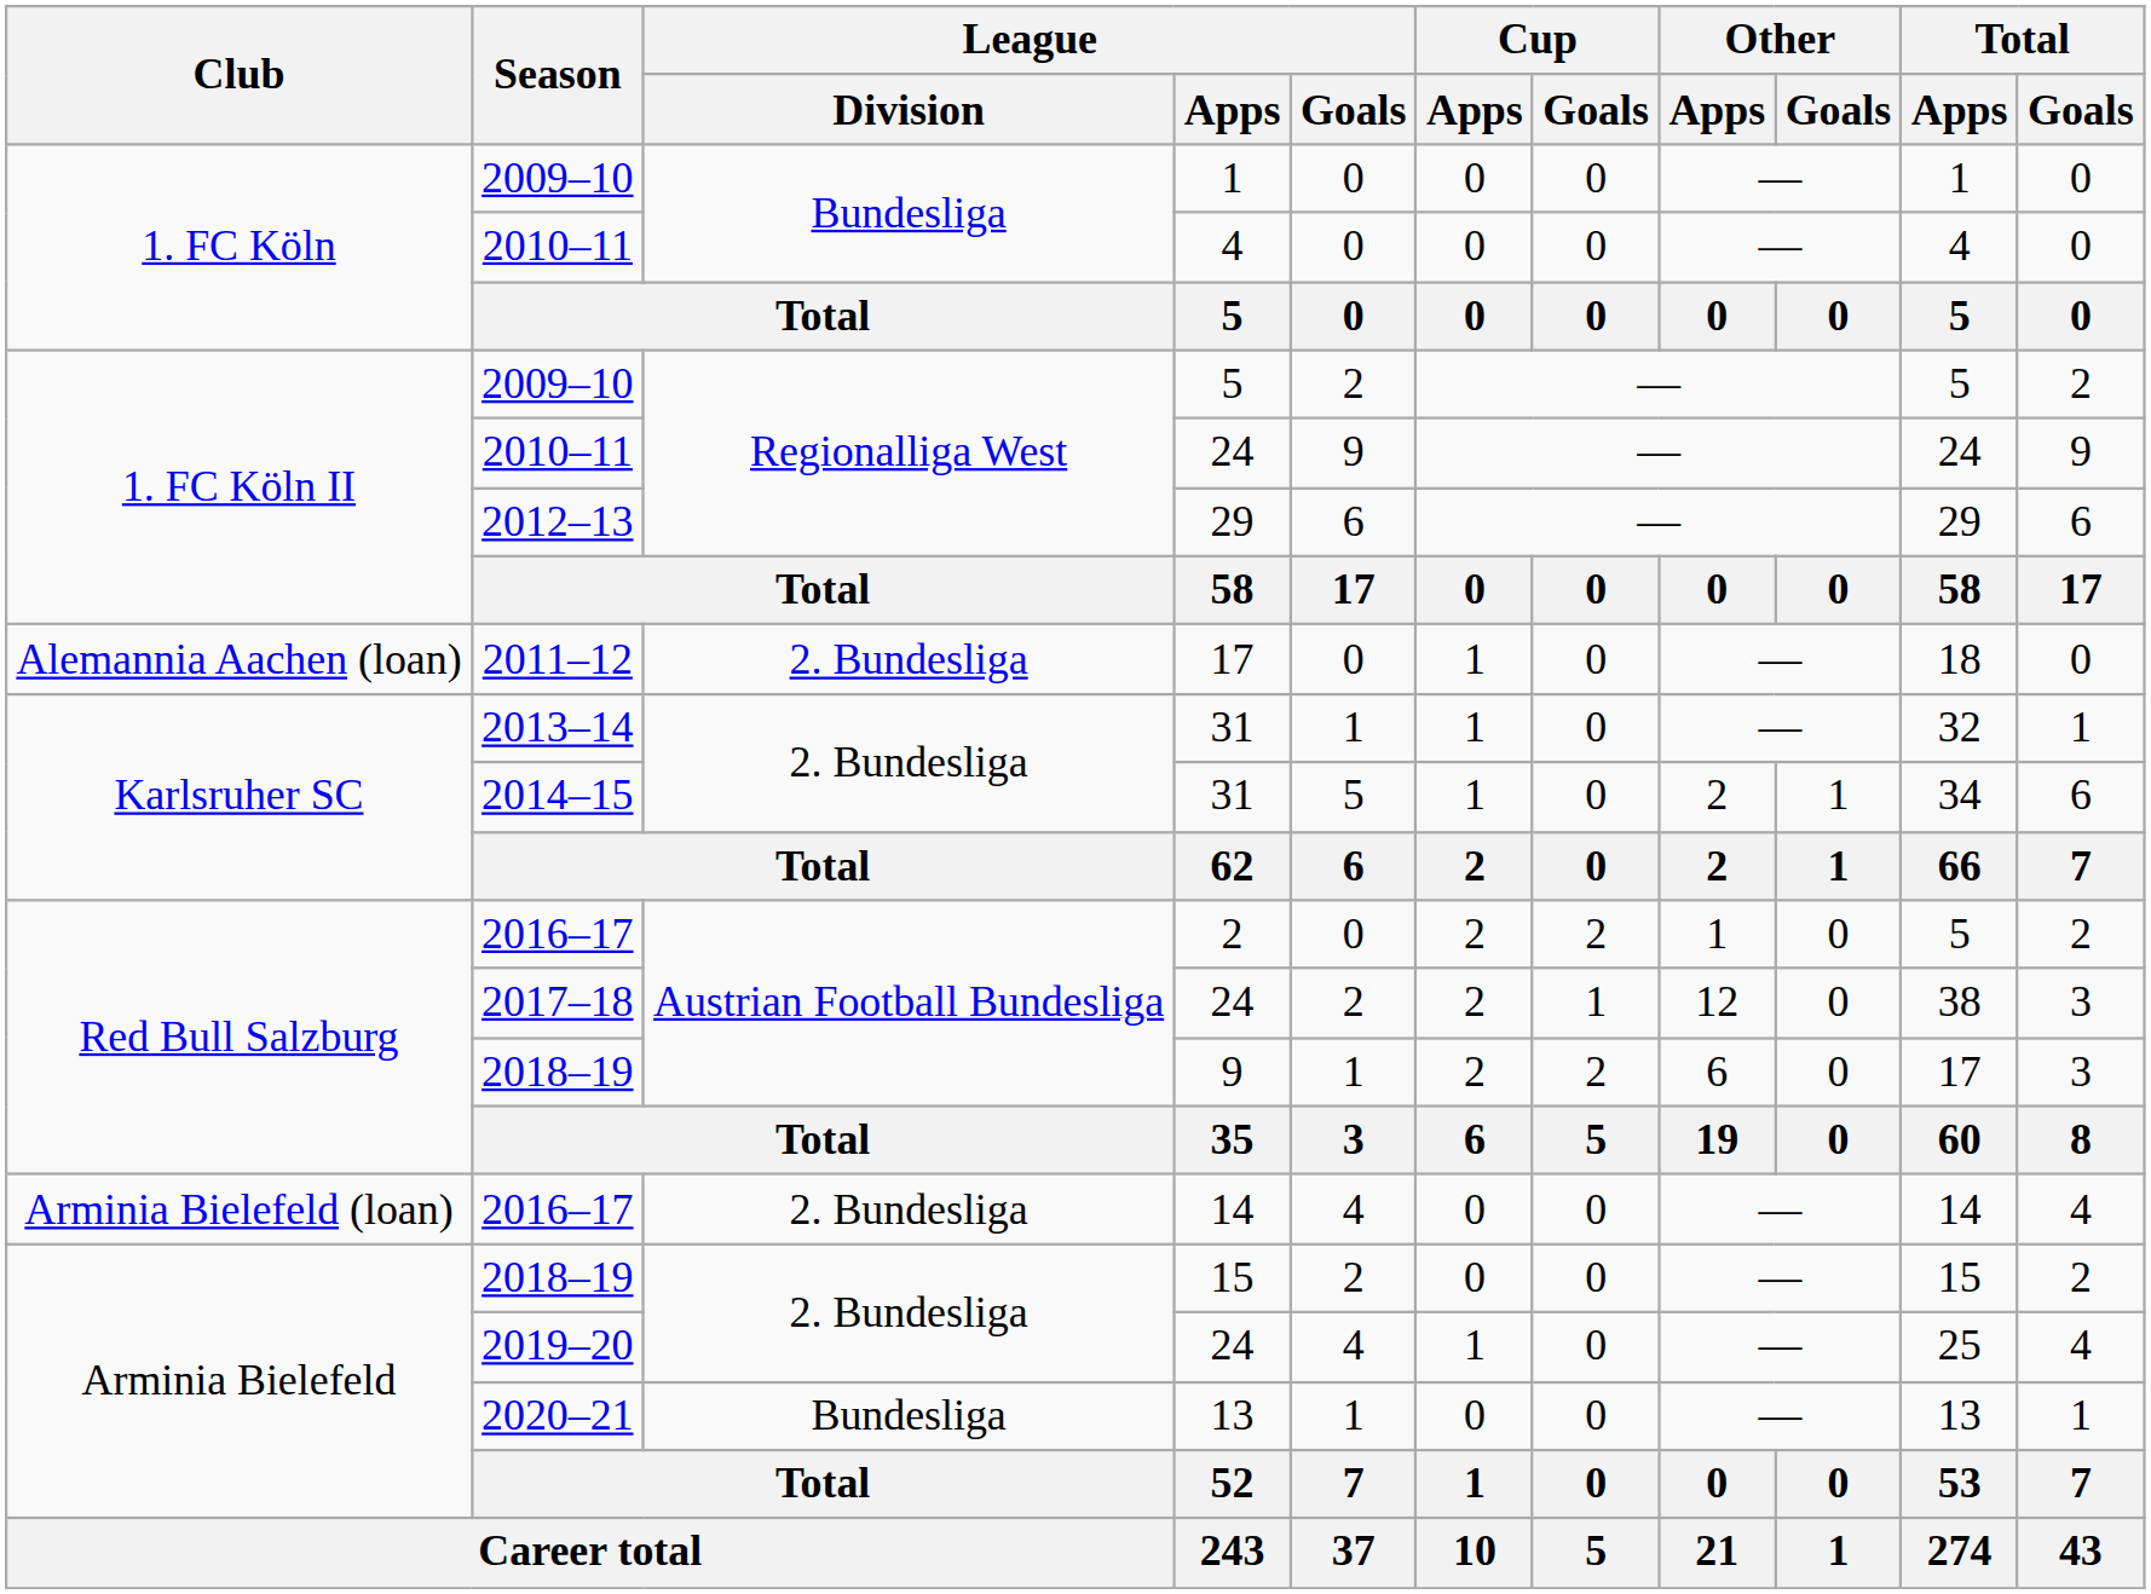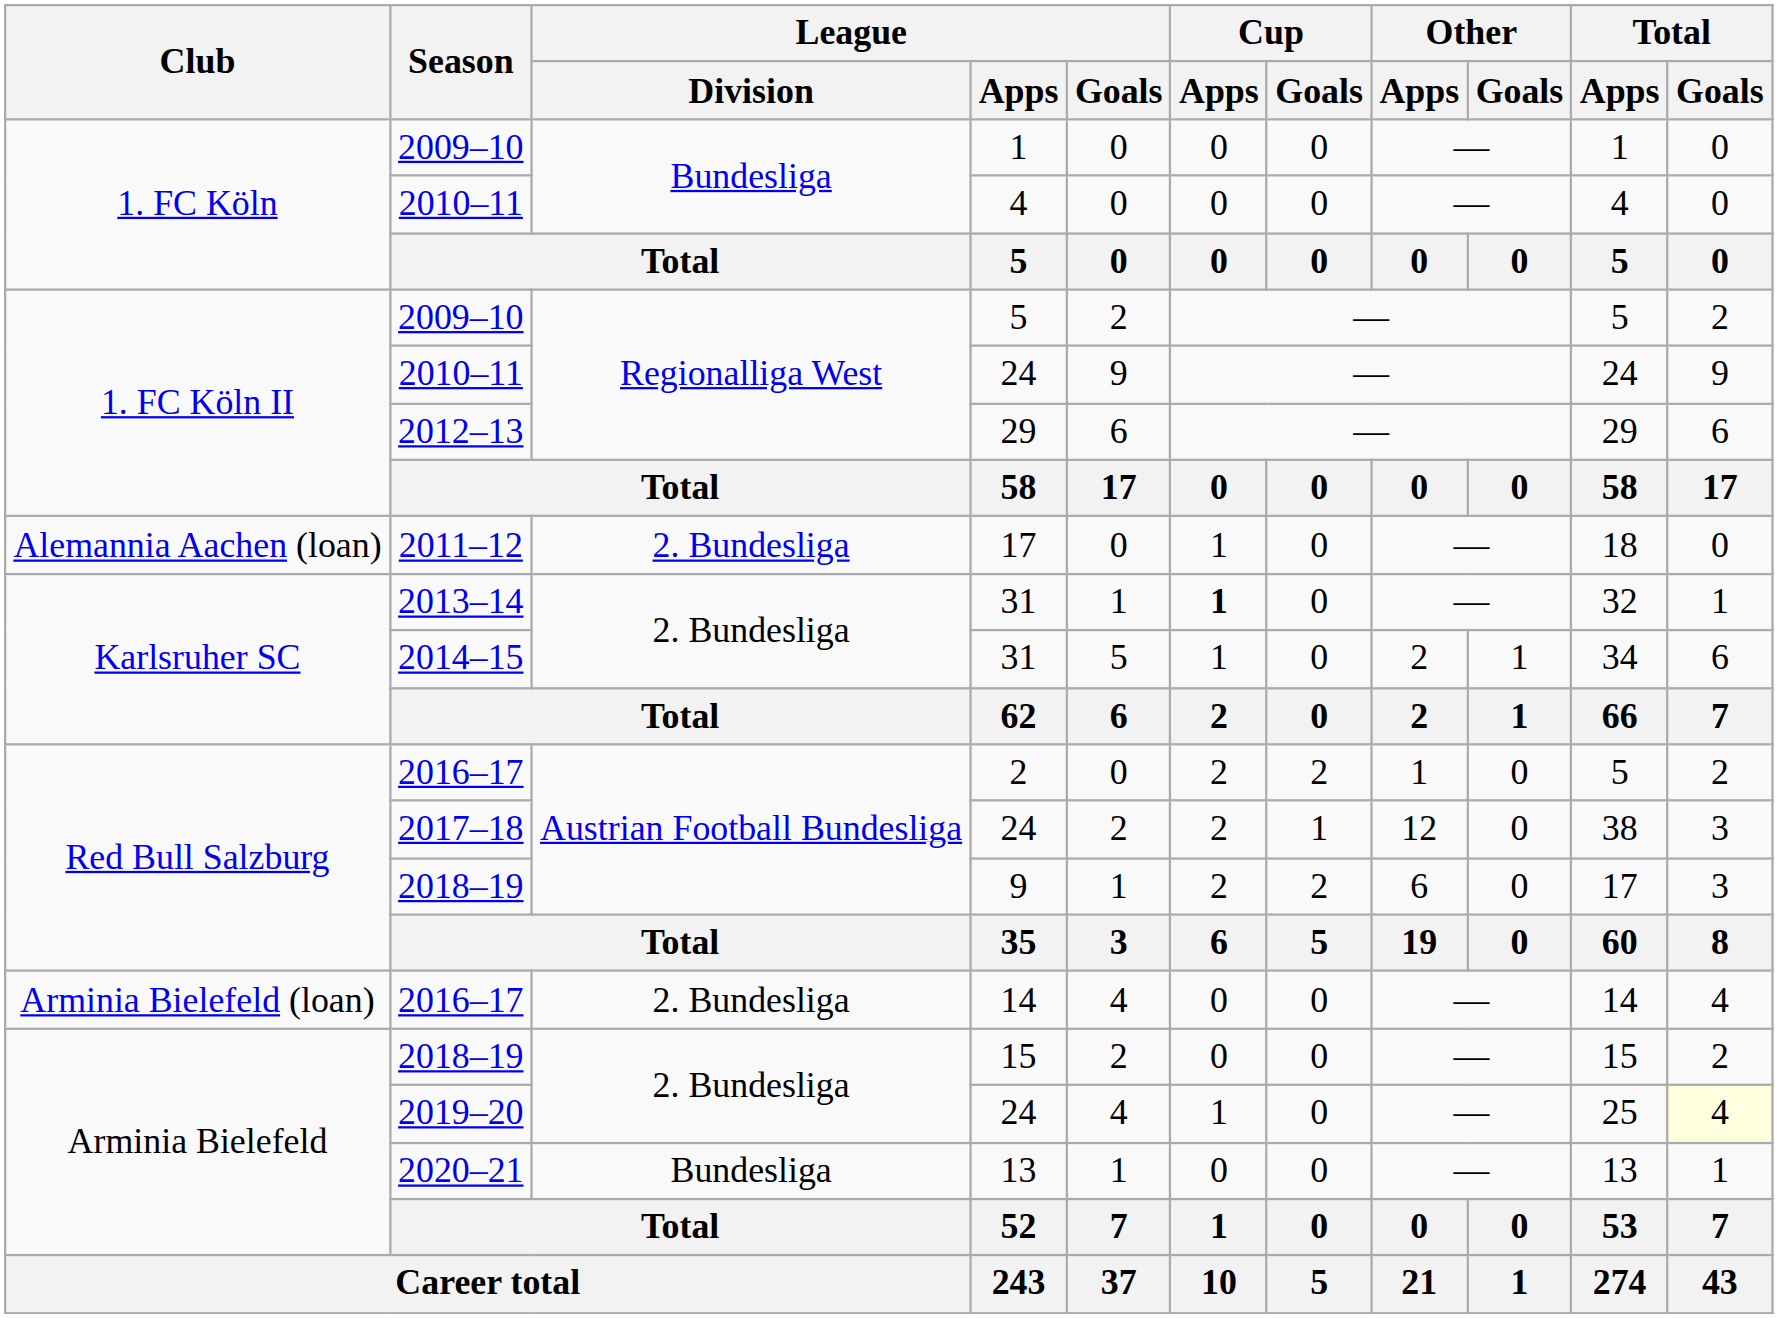 <table class="wikitable" style="text-align:center">
 <tr>
 <th rowspan="2">Club</th>
 <th rowspan="2">Season</th>
 <th colspan="3">League</th>
 <th colspan="2">Cup</th>
 <th colspan="2">Other</th>
 <th colspan="2">Total</th>
 </tr>
 <tr>
 <th>Division</th>
 <th>Apps</th>
 <th>Goals</th>
 <th>Apps</th>
 <th>Goals</th>
 <th>Apps</th>
 <th>Goals</th>
 <th>Apps</th>
 <th>Goals</th>
 </tr>
 <tr>
 <td rowspan="3"><a href='#'>1. FC Köln</a></td>
 <td><a href='#'>2009–10</a></td>
 <td rowspan="2"><a href='#'>Bundesliga</a></td>
 <td>1</td>
 <td>0</td>
 <td>0</td>
 <td>0</td>
 <td colspan="2">—</td>
 <td>1</td>
 <td>0</td>
 </tr>
 <tr>
 <td><a href='#'>2010–11</a></td>
 <td>4</td>
 <td>0</td>
 <td>0</td>
 <td>0</td>
 <td colspan="2">—</td>
 <td>4</td>
 <td>0</td>
 </tr>
 <tr>
 <th colspan="2">Total</th>
 <th>5</th>
 <th>0</th>
 <th>0</th>
 <th>0</th>
 <th>0</th>
 <th>0</th>
 <th>5</th>
 <th>0</th>
 </tr>
 <tr>
 <td rowspan="4"><a href='#'>1. FC Köln II</a></td>
 <td><a href='#'>2009–10</a></td>
 <td rowspan="3"><a href='#'>Regionalliga West</a></td>
 <td>5</td>
 <td>2</td>
 <td colspan="4">—</td>
 <td>5</td>
 <td>2</td>
 </tr>
 <tr>
 <td><a href='#'>2010–11</a></td>
 <td>24</td>
 <td>9</td>
 <td colspan="4">—</td>
 <td>24</td>
 <td>9</td>
 </tr>
 <tr>
 <td><a href='#'>2012–13</a></td>
 <td>29</td>
 <td>6</td>
 <td colspan="4">—</td>
 <td>29</td>
 <td>6</td>
 </tr>
 <tr>
 <th colspan="2">Total</th>
 <th>58</th>
 <th>17</th>
 <th>0</th>
 <th>0</th>
 <th>0</th>
 <th>0</th>
 <th>58</th>
 <th>17</th>
 </tr>
 <tr>
 <td><a href='#'>Alemannia Aachen</a> (loan)</td>
 <td><a href='#'>2011–12</a></td>
 <td><a href='#'>2. Bundesliga</a></td>
 <td>17</td>
 <td>0</td>
 <td>1</td>
 <td>0</td>
 <td colspan="2">—</td>
 <td>18</td>
 <td>0</td>
 </tr>
 <tr>
 <td rowspan="3"><a href='#'>Karlsruher SC</a></td>
 <td><a href='#'>2013–14</a></td>
 <td rowspan="2">2. Bundesliga</td>
 <td>31</td>
 <td>1</td>
-<td>1</td>
+<td><strong>1</strong></td>
 <td>0</td>
 <td colspan="2">—</td>
 <td>32</td>
 <td>1</td>
 </tr>
 <tr>
 <td><a href='#'>2014–15</a></td>
 <td>31</td>
 <td>5</td>
 <td>1</td>
 <td>0</td>
 <td>2</td>
 <td>1</td>
 <td>34</td>
 <td>6</td>
 </tr>
 <tr>
 <th colspan="2">Total</th>
 <th>62</th>
 <th>6</th>
 <th>2</th>
 <th>0</th>
 <th>2</th>
 <th>1</th>
 <th>66</th>
 <th>7</th>
 </tr>
 <tr>
 <td rowspan="4"><a href='#'>Red Bull Salzburg</a></td>
 <td><a href='#'>2016–17</a></td>
 <td rowspan="3"><a href='#'>Austrian Football Bundesliga</a></td>
 <td>2</td>
 <td>0</td>
 <td>2</td>
 <td>2</td>
 <td>1</td>
 <td>0</td>
 <td>5</td>
 <td>2</td>
 </tr>
 <tr>
 <td><a href='#'>2017–18</a></td>
 <td>24</td>
 <td>2</td>
 <td>2</td>
 <td>1</td>
 <td>12</td>
 <td>0</td>
 <td>38</td>
 <td>3</td>
 </tr>
 <tr>
 <td><a href='#'>2018–19</a></td>
 <td>9</td>
 <td>1</td>
 <td>2</td>
 <td>2</td>
 <td>6</td>
 <td>0</td>
 <td>17</td>
 <td>3</td>
 </tr>
 <tr>
 <th colspan="2">Total</th>
 <th>35</th>
 <th>3</th>
 <th>6</th>
 <th>5</th>
 <th>19</th>
 <th>0</th>
 <th>60</th>
 <th>8</th>
 </tr>
 <tr>
 <td><a href='#'>Arminia Bielefeld</a> (loan)</td>
 <td><a href='#'>2016–17</a></td>
 <td>2. Bundesliga</td>
 <td>14</td>
 <td>4</td>
 <td>0</td>
 <td>0</td>
 <td colspan="2">—</td>
 <td>14</td>
 <td>4</td>
 </tr>
 <tr>
 <td rowspan="4">Arminia Bielefeld</td>
 <td><a href='#'>2018–19</a></td>
 <td rowspan="2">2. Bundesliga</td>
 <td>15</td>
 <td>2</td>
 <td>0</td>
 <td>0</td>
 <td colspan="2">—</td>
 <td>15</td>
 <td>2</td>
 </tr>
 <tr>
 <td><a href='#'>2019–20</a></td>
 <td>24</td>
 <td>4</td>
 <td>1</td>
 <td>0</td>
 <td colspan="2">—</td>
 <td>25</td>
-<td>4</td>
+<td style="background: lightyellow;">4</td>
 </tr>
 <tr>
 <td><a href='#'>2020–21</a></td>
 <td>Bundesliga</td>
 <td>13</td>
 <td>1</td>
 <td>0</td>
 <td>0</td>
 <td colspan="2">—</td>
 <td>13</td>
 <td>1</td>
 </tr>
 <tr>
 <th colspan="2">Total</th>
 <th>52</th>
 <th>7</th>
 <th>1</th>
 <th>0</th>
 <th>0</th>
 <th>0</th>
 <th>53</th>
 <th>7</th>
 </tr>
 <tr>
 <th colspan="3">Career total</th>
 <th>243</th>
 <th>37</th>
 <th>10</th>
 <th>5</th>
 <th>21</th>
 <th>1</th>
 <th>274</th>
 <th>43</th>
 </tr>
 </table>
